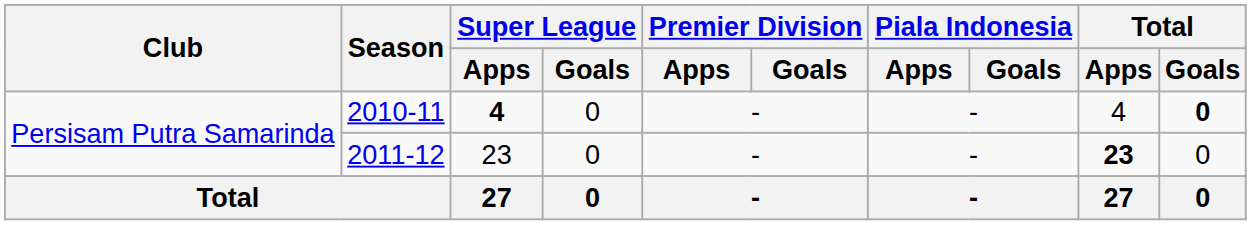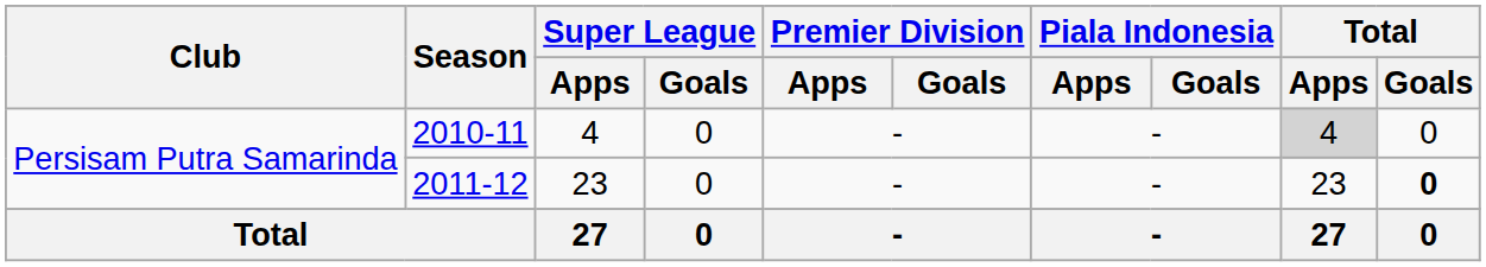 <table class="wikitable" style="font-size:90%; text-align:center;">
 <tr>
 <th rowspan="2">Club</th>
 <th rowspan="2">Season</th>
 <th colspan="2"><a href='#'>Super League</a></th>
 <th colspan="2"><a href='#'>Premier Division</a></th>
 <th colspan="2"><a href='#'>Piala Indonesia</a></th>
 <th colspan="2">Total</th>
 </tr>
 <tr>
 <th>Apps</th>
 <th>Goals</th>
 <th>Apps</th>
 <th>Goals</th>
 <th>Apps</th>
 <th>Goals</th>
 <th>Apps</th>
 <th>Goals</th>
 </tr>
 <tr>
 <td rowspan="2"><a href='#'>Persisam Putra Samarinda</a></td>
 <td><a href='#'>2010-11</a></td>
-<td><strong>4</strong></td>
+<td>4</td>
 <td>0</td>
 <td colspan="2">-</td>
 <td colspan="2">-</td>
-<td>4</td>
-<td><strong>0</strong></td>
+<td style="background: lightgrey;">4</td>
+<td>0</td>
 </tr>
 <tr>
 <td><a href='#'>2011-12</a></td>
 <td>23</td>
 <td>0</td>
 <td colspan="2">-</td>
 <td colspan="2">-</td>
-<td><strong>23</strong></td>
-<td>0</td>
+<td>23</td>
+<td><strong>0</strong></td>
 </tr>
 <tr>
 <th colspan="2">Total</th>
 <th>27</th>
 <th>0</th>
 <th colspan="2">-</th>
 <th colspan="2">-</th>
 <th>27</th>
 <th>0</th>
 </tr>
 </table>
